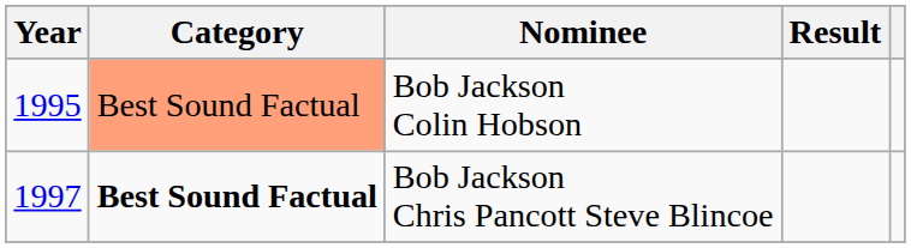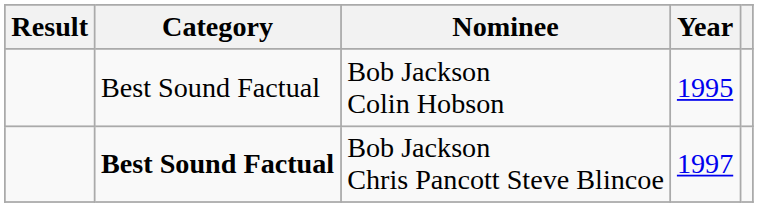 <table class="wikitable">
 <tr>
-<th>Year</th>
+<th>Result</th>
 <th>Category</th>
 <th>Nominee</th>
-<th>Result</th>
+<th>Year</th>
 <th></th>
 </tr>
 <tr>
+<td></td>
+<td>Best Sound Factual</td>
+<td>Bob Jackson<br>Colin Hobson</td>
 <td><a href='#'>1995</a></td>
-<td style="background: lightsalmon;">Best Sound Factual</td>
-<td>Bob Jackson<br>Colin Hobson</td>
-<td></td>
 <td align="center"></td>
 </tr>
 <tr>
-<td><a href='#'>1997</a></td>
+<td></td>
 <td><strong>Best Sound Factual</strong></td>
 <td>Bob Jackson<br>Chris Pancott Steve Blincoe</td>
-<td></td>
+<td><a href='#'>1997</a></td>
 <td align="center"></td>
 </tr>
 </table>
